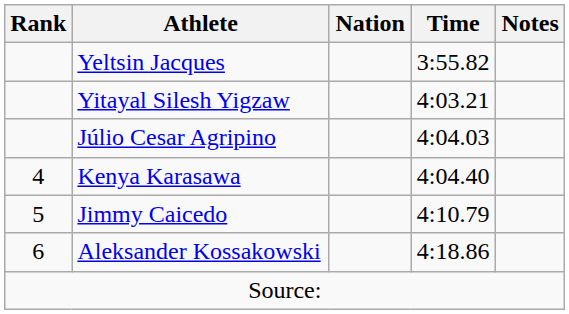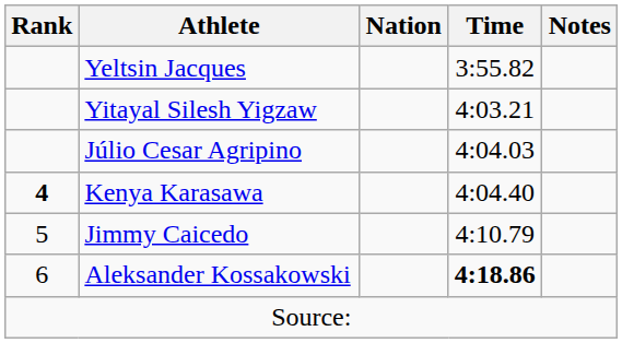 <table class="wikitable sortable" style="text-align:center;width: 60%;">
 <tr>
 <th scope="col" style="width: 10px;">Rank</th>
 <th scope="col">Athlete</th>
 <th scope="col">Nation</th>
 <th scope="col">Time</th>
 <th scope="col">Notes</th>
 </tr>
 <tr>
 <td></td>
 <td align=left><a href='#'>Yeltsin Jacques</a><br></td>
 <td align=left></td>
 <td>3:55.82</td>
 <td></td>
 </tr>
 <tr>
 <td></td>
 <td align=left><a href='#'>Yitayal Silesh Yigzaw</a><br></td>
 <td align=left></td>
 <td>4:03.21</td>
 <td></td>
 </tr>
 <tr>
 <td></td>
 <td align=left><a href='#'>Júlio Cesar Agripino</a><br></td>
 <td align=left></td>
 <td>4:04.03</td>
 <td></td>
 </tr>
 <tr>
-<td>4</td>
+<td><strong>4</strong></td>
 <td align=left><a href='#'>Kenya Karasawa</a><br></td>
 <td align=left></td>
 <td>4:04.40</td>
 <td></td>
 </tr>
 <tr>
 <td>5</td>
 <td align=left><a href='#'>Jimmy Caicedo</a><br></td>
 <td align=left></td>
 <td>4:10.79</td>
 <td></td>
 </tr>
 <tr>
 <td>6</td>
 <td align=left><a href='#'>Aleksander Kossakowski</a><br></td>
 <td align=left></td>
-<td>4:18.86</td>
+<td><strong>4:18.86</strong></td>
 <td></td>
 </tr>
 <tr class="sortbottom">
 <td colspan="5">Source:</td>
 </tr>
 </table>
